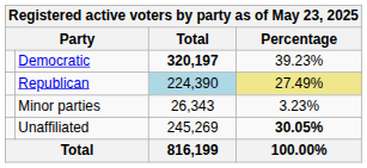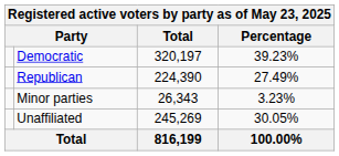 <table class=wikitable>
 <tr>
 <th colspan = 6>Registered active voters by party as of May 23, 2025</th>
 </tr>
 <tr>
 <th colspan = 2>Party</th>
 <th>Total</th>
 <th>Percentage</th>
 </tr>
 <tr>
 <td></td>
 <td><a href='#'>Democratic</a></td>
-<td align=center><strong>320,197</strong></td>
+<td align=center>320,197</td>
 <td align=center>39.23%</td>
 </tr>
 <tr>
 <td></td>
 <td><a href='#'>Republican</a></td>
-<td align=center style="background: lightblue;">224,390</td>
-<td align=center style="background: khaki;">27.49%</td>
+<td align=center>224,390</td>
+<td align=center>27.49%</td>
 </tr>
 <tr>
 <td></td>
 <td>Minor parties</td>
 <td align=center>26,343</td>
 <td align=center>3.23%</td>
 </tr>
 <tr>
 <td></td>
 <td>Unaffiliated</td>
 <td align=center>245,269</td>
-<td align=center><strong>30.05%</strong></td>
+<td align=center>30.05%</td>
 </tr>
 <tr>
 <th colspan = 2>Total</th>
 <th align=center>816,199</th>
 <th align=center>100.00%</th>
 </tr>
 </table>
